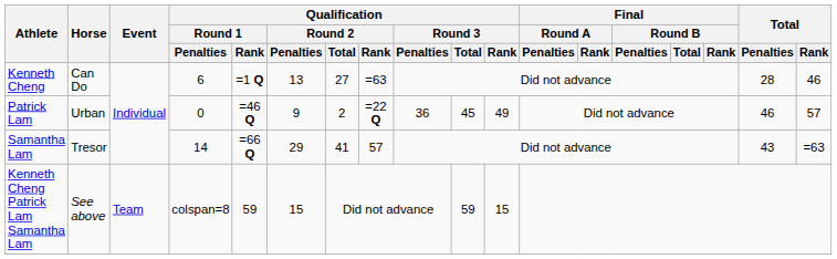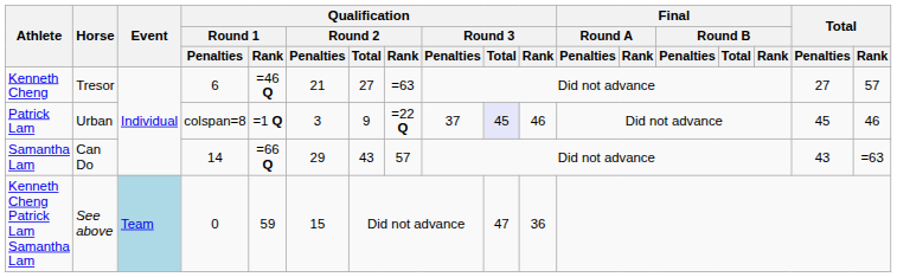 <table class="wikitable" style="font-size:90%">
 <tr>
 <th rowspan="3">Athlete</th>
 <th rowspan="3">Horse</th>
 <th rowspan="3">Event</th>
 <th colspan="8">Qualification</th>
 <th colspan="5">Final</th>
 <th rowspan=2 colspan="2">Total</th>
 </tr>
 <tr style="font-size:95%">
 <th colspan="2">Round 1</th>
 <th colspan="3">Round 2</th>
 <th colspan="3">Round 3</th>
 <th colspan="2">Round A</th>
 <th colspan="3">Round B</th>
 </tr>
 <tr style="font-size:95%">
 <th>Penalties</th>
 <th>Rank</th>
 <th>Penalties</th>
 <th>Total</th>
 <th>Rank</th>
 <th>Penalties</th>
 <th>Total</th>
 <th>Rank</th>
 <th>Penalties</th>
 <th>Rank</th>
 <th>Penalties</th>
 <th>Total</th>
 <th>Rank</th>
 <th>Penalties</th>
 <th>Rank</th>
 </tr>
 <tr align=center>
 <td align=left><a href='#'>Kenneth Cheng</a></td>
-<td align=left>Can Do</td>
+<td align=left>Tresor</td>
 <td align=left rowspan=3><a href='#'>Individual</a></td>
 <td>6</td>
-<td>=1 <strong>Q</strong></td>
-<td>13</td>
+<td>=46 <strong>Q</strong></td>
+<td>21</td>
 <td>27</td>
 <td>=63</td>
 <td colspan=8>Did not advance</td>
-<td>28</td>
-<td>46</td>
+<td>27</td>
+<td>57</td>
 </tr>
 <tr align=center>
 <td align=left><a href='#'>Patrick Lam</a></td>
 <td align=left>Urban</td>
-<td>0</td>
-<td>=46 <strong>Q</strong></td>
+<td>colspan=8 </td>
+<td>=1 <strong>Q</strong></td>
+<td>3</td>
 <td>9</td>
-<td>2</td>
 <td>=22 <strong>Q</strong></td>
-<td>36</td>
+<td>37</td>
+<td style="background: lavender;">45</td>
+<td>46</td>
+<td colspan=5>Did not advance</td>
 <td>45</td>
-<td>49</td>
-<td colspan=5>Did not advance</td>
 <td>46</td>
-<td>57</td>
 </tr>
 <tr align=center>
 <td align=left><a href='#'>Samantha Lam</a></td>
-<td align=left>Tresor</td>
+<td align=left>Can Do</td>
 <td>14</td>
 <td>=66 <strong>Q</strong></td>
 <td>29</td>
-<td>41</td>
+<td>43</td>
 <td>57</td>
 <td colspan=8>Did not advance</td>
 <td>43</td>
 <td>=63</td>
 </tr>
 <tr align=center>
 <td align=left><a href='#'>Kenneth Cheng</a><br><a href='#'>Patrick Lam</a><br><a href='#'>Samantha Lam</a></td>
 <td align=left><em>See above</em></td>
-<td align=left><a href='#'>Team</a></td>
-<td>colspan=8 </td>
+<td align=left style="background: lightblue;"><a href='#'>Team</a></td>
+<td>0</td>
 <td>59</td>
 <td>15</td>
 <td colspan=3>Did not advance</td>
-<td>59</td>
-<td>15</td>
+<td>47</td>
+<td>36</td>
 </tr>
 </table>
